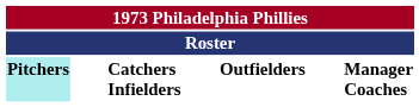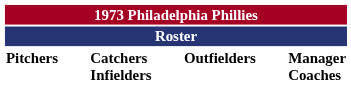 <table class="toccolours" style="font-size: 95%;">
 <tr>
 <th colspan="10" style="background:#a50024; color:white; text-align:center;">1973 Philadelphia Phillies</th>
 </tr>
 <tr>
 <td colspan="10" style="background:#263473; color:white; text-align:center;"><strong>Roster</strong></td>
 </tr>
 <tr>
-<td valign="top" style="background: paleturquoise;"><strong>Pitchers</strong><br>              </td>
+<td valign="top"><strong>Pitchers</strong><br>              </td>
 <td style="width:25px;"></td>
 <td valign="top"><strong>Catchers</strong><br>    <strong>Infielders</strong>           </td>
 <td style="width:25px;"></td>
 <td valign="top"><strong>Outfielders</strong><br>    </td>
 <td style="width:25px;"></td>
 <td valign="top"><strong>Manager</strong><br> <strong>Coaches</strong>    </td>
 </tr>
 </table>
